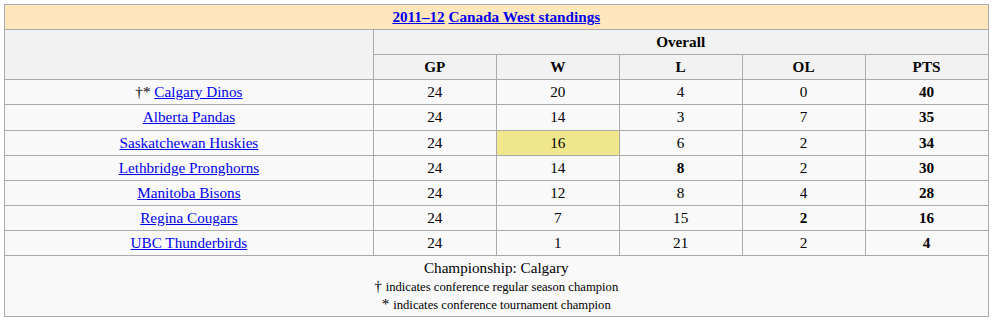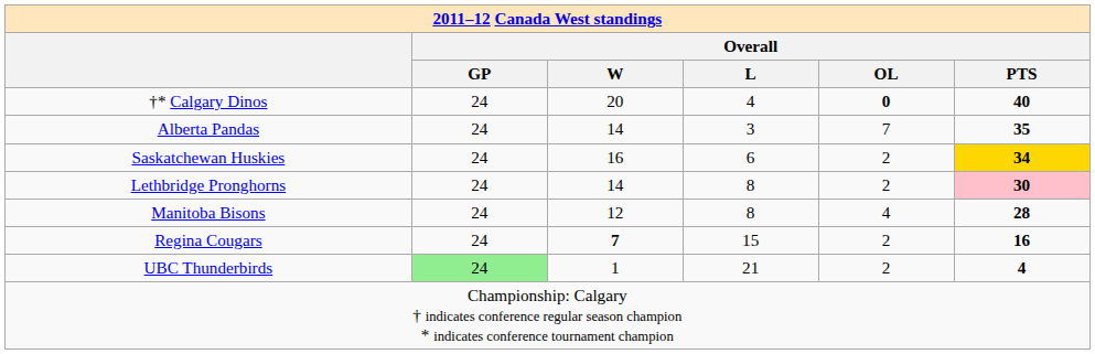 <table class=wikitable style="text-align:center; font-size:95%;">
 <tr>
 <th colspan="15" style="background-color: #FFE6BD;"><a href='#'>2011–12</a> <a href='#'>Canada West standings</a></th>
 </tr>
 <tr>
 <th rowspan="2" width="15%"></th>
 <th colspan="7">Overall</th>
 </tr>
 <tr>
 <th width="5%">GP</th>
 <th width="5%">W</th>
 <th width="5%">L</th>
 <th width="5%">OL</th>
 <th width="5%">PTS</th>
 </tr>
 <tr align=center>
 <td>†* <a href='#'>Calgary Dinos</a></td>
 <td>24</td>
 <td>20</td>
 <td>4</td>
-<td>0</td>
+<td><strong>0</strong></td>
 <td><strong>40</strong></td>
 </tr>
 <tr align=center>
 <td><a href='#'>Alberta Pandas</a></td>
 <td>24</td>
 <td>14</td>
 <td>3</td>
 <td>7</td>
 <td><strong>35</strong></td>
 </tr>
 <tr align=center>
 <td><a href='#'>Saskatchewan Huskies</a></td>
 <td>24</td>
-<td style="background: khaki;">16</td>
+<td>16</td>
 <td>6</td>
 <td>2</td>
-<td><strong>34</strong></td>
+<td style="background: gold;"><strong>34</strong></td>
 </tr>
 <tr align=center>
 <td><a href='#'>Lethbridge Pronghorns</a></td>
 <td>24</td>
 <td>14</td>
-<td><strong>8</strong></td>
+<td>8</td>
 <td>2</td>
-<td><strong>30</strong></td>
+<td style="background: pink;"><strong>30</strong></td>
 </tr>
 <tr align=center>
 <td><a href='#'>Manitoba Bisons</a></td>
 <td>24</td>
 <td>12</td>
 <td>8</td>
 <td>4</td>
 <td><strong>28</strong></td>
 </tr>
 <tr align=center>
 <td><a href='#'>Regina Cougars</a></td>
 <td>24</td>
-<td>7</td>
+<td><strong>7</strong></td>
 <td>15</td>
-<td><strong>2</strong></td>
+<td>2</td>
 <td><strong>16</strong></td>
 </tr>
 <tr align=center>
 <td><a href='#'>UBC Thunderbirds</a></td>
-<td>24</td>
+<td style="background: lightgreen;">24</td>
 <td>1</td>
 <td>21</td>
 <td>2</td>
 <td><strong>4</strong></td>
 </tr>
 <tr>
 <td colspan=16 align=center>Championship: Calgary <br>† <small>indicates conference regular season champion</small><br>* <small>indicates conference tournament champion</small></td>
 </tr>
 </table>
